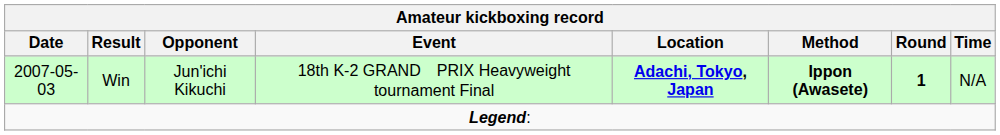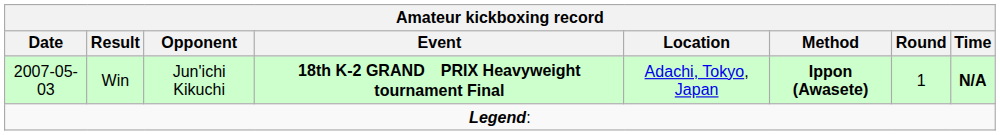 <table class="wikitable collapsible"  style="font-size:88%; text-align:center;">
 <tr>
 <th colspan=9>Amateur kickboxing record</th>
 </tr>
 <tr>
 <th>Date</th>
 <th>Result</th>
 <th>Opponent</th>
 <th>Event</th>
 <th>Location</th>
 <th>Method</th>
 <th>Round</th>
 <th>Time</th>
 </tr>
 <tr bgcolor="#CCFFCC">
 <td>2007-05-03</td>
 <td>Win</td>
 <td> Jun'ichi Kikuchi</td>
-<td>18th K-2 GRAND　PRIX Heavyweight tournament Final</td>
-<td><strong><a href='#'>Adachi, Tokyo</a>, <a href='#'>Japan</a></strong></td>
+<td><strong>18th K-2 GRAND　PRIX Heavyweight tournament Final</strong></td>
+<td><a href='#'>Adachi, Tokyo</a>, <a href='#'>Japan</a></td>
 <td><strong>Ippon (Awasete)</strong></td>
-<td><strong>1</strong></td>
-<td>N/A</td>
+<td>1</td>
+<td><strong>N/A</strong></td>
 </tr>
 <tr>
 <td colspan=9><strong><em>Legend</em></strong>:    </td>
 </tr>
 </table>
